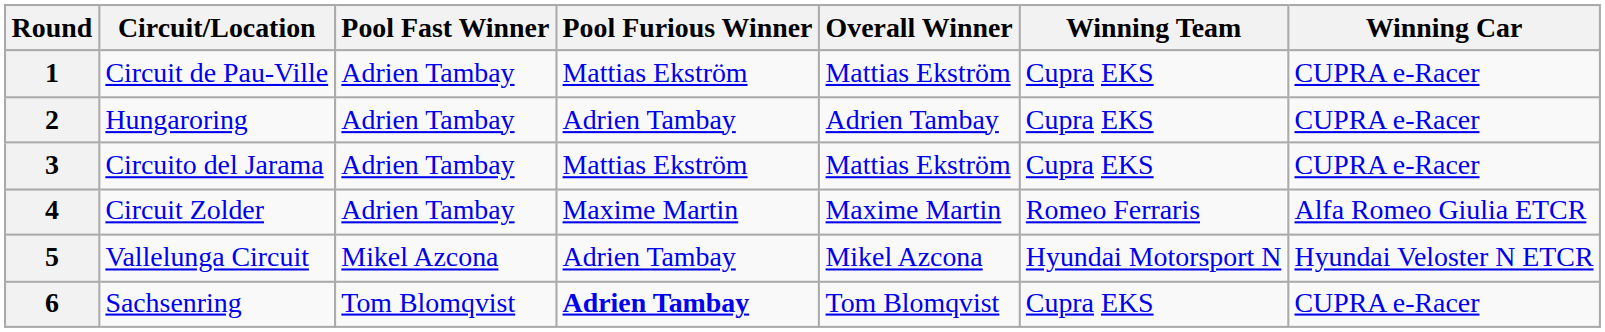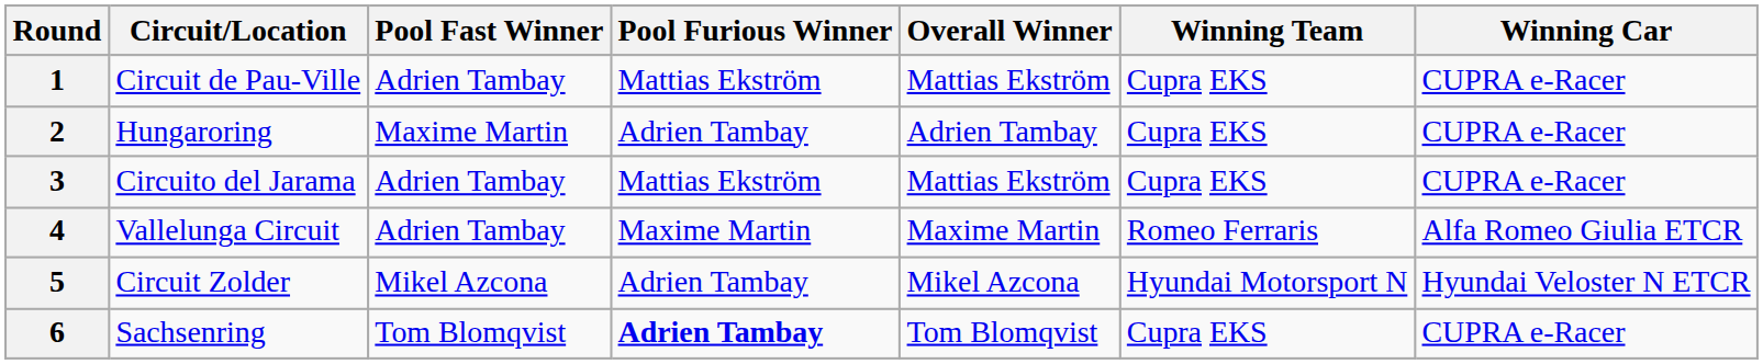 <table class="wikitable" style="font-size: 85%;">
 <tr>
 <th>Round</th>
 <th>Circuit/Location</th>
 <th nowrap="">Pool Fast Winner</th>
 <th nowrap="">Pool Furious Winner</th>
 <th nowrap="">Overall Winner</th>
 <th nowrap="">Winning Team</th>
 <th nowrap="">Winning Car</th>
 </tr>
 <tr>
 <th>1</th>
 <td> <a href='#'>Circuit de Pau-Ville</a></td>
 <td> <a href='#'>Adrien Tambay</a></td>
 <td> <a href='#'>Mattias Ekström</a></td>
 <td> <a href='#'>Mattias Ekström</a></td>
 <td><a href='#'>Cupra</a> <a href='#'>EKS</a></td>
 <td><a href='#'>CUPRA e-Racer</a></td>
 </tr>
 <tr>
 <th>2</th>
 <td> <a href='#'>Hungaroring</a></td>
-<td> <a href='#'>Adrien Tambay</a></td>
+<td> <a href='#'>Maxime Martin</a></td>
 <td> <a href='#'>Adrien Tambay</a></td>
 <td> <a href='#'>Adrien Tambay</a></td>
 <td><a href='#'>Cupra</a> <a href='#'>EKS</a></td>
 <td><a href='#'>CUPRA e-Racer</a></td>
 </tr>
 <tr>
 <th>3</th>
 <td> <a href='#'>Circuito del Jarama</a></td>
 <td> <a href='#'>Adrien Tambay</a></td>
 <td> <a href='#'>Mattias Ekström</a></td>
 <td> <a href='#'>Mattias Ekström</a></td>
 <td><a href='#'>Cupra</a> <a href='#'>EKS</a></td>
 <td><a href='#'>CUPRA e-Racer</a></td>
 </tr>
 <tr>
 <th>4</th>
-<td> <a href='#'>Circuit Zolder</a></td>
+<td> <a href='#'>Vallelunga Circuit</a></td>
 <td> <a href='#'>Adrien Tambay</a></td>
 <td> <a href='#'>Maxime Martin</a></td>
 <td> <a href='#'>Maxime Martin</a></td>
 <td><a href='#'>Romeo Ferraris</a></td>
 <td><a href='#'>Alfa Romeo Giulia ETCR</a></td>
 </tr>
 <tr>
 <th>5</th>
-<td> <a href='#'>Vallelunga Circuit</a></td>
+<td> <a href='#'>Circuit Zolder</a></td>
 <td> <a href='#'>Mikel Azcona</a></td>
 <td> <a href='#'>Adrien Tambay</a></td>
 <td> <a href='#'>Mikel Azcona</a></td>
 <td><a href='#'>Hyundai Motorsport N</a></td>
 <td><a href='#'>Hyundai Veloster N ETCR</a></td>
 </tr>
 <tr>
 <th>6</th>
 <td> <a href='#'>Sachsenring</a></td>
 <td> <a href='#'>Tom Blomqvist</a></td>
 <td><strong> <a href='#'>Adrien Tambay</a></strong></td>
 <td> <a href='#'>Tom Blomqvist</a></td>
 <td><a href='#'>Cupra</a> <a href='#'>EKS</a></td>
 <td><a href='#'>CUPRA e-Racer</a></td>
 </tr>
 </table>
